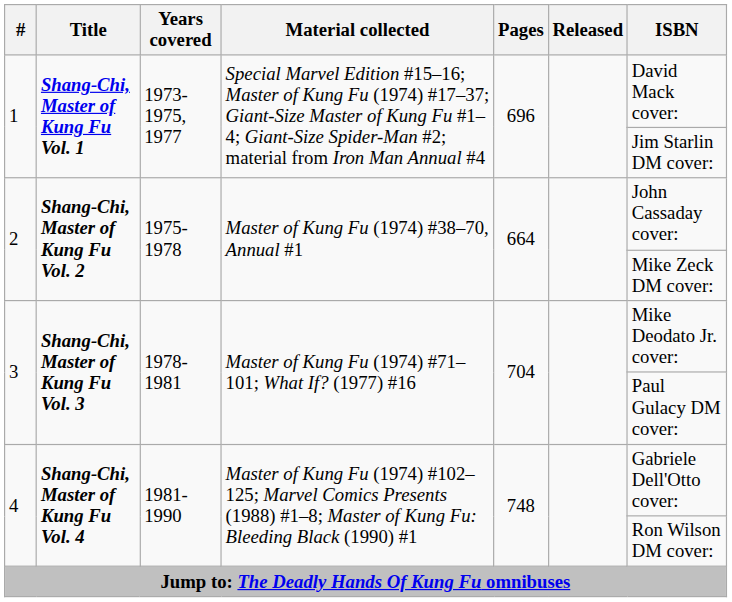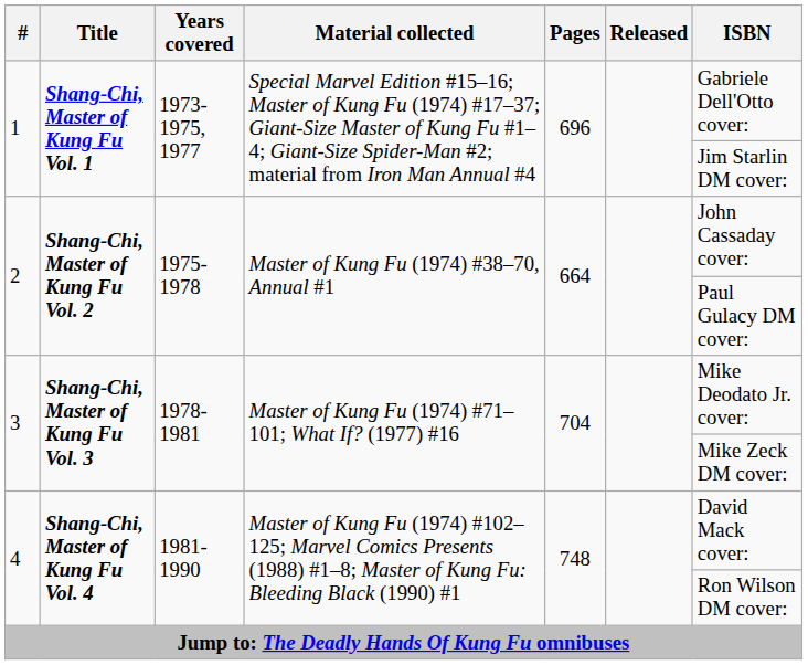 <table class="wikitable sortable" width="99%">
 <tr>
 <th class="unsortable" width="20px">#</th>
 <th>Title</th>
 <th>Years covered</th>
 <th class="unsortable">Material collected</th>
 <th>Pages</th>
 <th>Released</th>
 <th class="unsortable">ISBN</th>
 </tr>
 <tr>
 <td rowspan="2">1</td>
 <td rowspan="2"><strong><em><a href='#'>Shang-Chi, Master of Kung Fu</a> Vol. 1</em></strong></td>
 <td rowspan="2">1973-1975, 1977</td>
 <td rowspan="2"><em>Special Marvel Edition</em> #15–16; <em>Master of Kung Fu</em> (1974) #17–37; <em>Giant-Size Master of Kung Fu</em> #1–4; <em>Giant-Size Spider-Man</em> #2; material from <em>Iron Man Annual</em> #4</td>
 <td rowspan="2" style="text-align: center;">696</td>
 <td rowspan="2"></td>
-<td>David Mack cover: </td>
+<td>Gabriele Dell'Otto cover: </td>
 </tr>
 <tr>
 <td>Jim Starlin DM cover: </td>
 </tr>
 <tr>
 <td rowspan="2">2</td>
 <td rowspan="2"><strong><em>Shang-Chi, Master of Kung Fu Vol. 2</em></strong></td>
 <td rowspan="2">1975-1978</td>
 <td rowspan="2"><em>Master of Kung Fu</em> (1974) #38–70, <em>Annual</em> #1</td>
 <td rowspan="2" style="text-align: center;">664</td>
 <td rowspan="2"></td>
 <td>John Cassaday cover: </td>
 </tr>
 <tr>
-<td>Mike Zeck DM cover: </td>
+<td>Paul Gulacy DM cover: </td>
 </tr>
 <tr>
 <td rowspan="2">3</td>
 <td rowspan="2"><strong><em>Shang-Chi, Master of Kung Fu Vol. 3</em></strong></td>
 <td rowspan="2">1978-1981</td>
 <td rowspan="2"><em>Master of Kung Fu</em> (1974) #71–101; <em>What If?</em> (1977) #16</td>
 <td rowspan="2" style="text-align: center;">704</td>
 <td rowspan="2"></td>
 <td>Mike Deodato Jr. cover: </td>
 </tr>
 <tr>
-<td>Paul Gulacy DM cover: </td>
+<td>Mike Zeck DM cover: </td>
 </tr>
 <tr>
 <td rowspan="2">4</td>
 <td rowspan="2"><strong><em>Shang-Chi, Master of Kung Fu Vol. 4</em></strong></td>
 <td rowspan="2">1981-1990</td>
 <td rowspan="2"><em>Master of Kung Fu</em> (1974) #102–125; <em>Marvel Comics Presents</em> (1988) #1–8; <em>Master of Kung Fu: Bleeding Black</em> (1990) #1</td>
 <td rowspan="2" style="text-align: center;">748</td>
 <td rowspan="2"></td>
-<td>Gabriele Dell'Otto cover: </td>
+<td>David Mack cover: </td>
 </tr>
 <tr>
 <td>Ron Wilson DM cover: </td>
 </tr>
 <tr>
 <th colspan="7" style="background-color: silver;">Jump to: <a href='#'><em>The Deadly Hands Of Kung Fu</em> omnibuses</a></th>
 </tr>
 </table>
